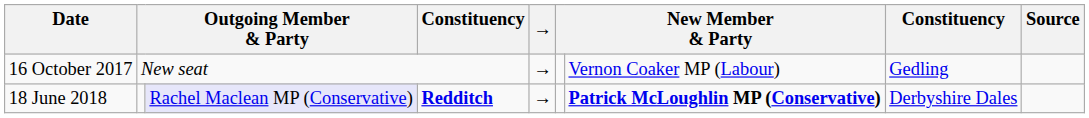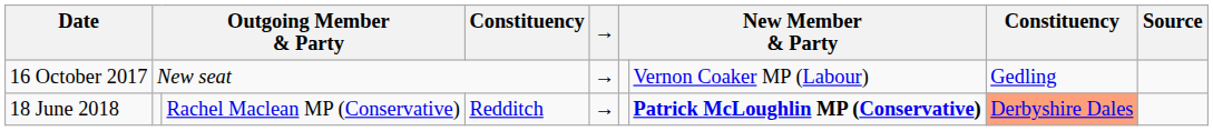 <table class="wikitable">
 <tr>
 <th valign="top">Date</th>
 <th colspan="2" valign="top">Outgoing Member<br>& Party</th>
 <th valign="top">Constituency</th>
 <th>→</th>
 <th colspan="2" valign="top">New Member<br>& Party</th>
 <th valign="top">Constituency</th>
 <th valign="top">Source</th>
 </tr>
 <tr>
 <td>16 October 2017</td>
 <td colspan=3><em>New seat</em></td>
 <td>→</td>
 <td style="color:inherit;background:"></td>
 <td><a href='#'>Vernon Coaker</a> MP (<a href='#'>Labour</a>)</td>
 <td><a href='#'>Gedling</a></td>
 <td></td>
 </tr>
 <tr>
 <td>18 June 2018</td>
 <td style="color:inherit;background:"></td>
-<td style="background: lavender;"><a href='#'>Rachel Maclean</a> MP (<a href='#'>Conservative</a>)</td>
-<td><strong><a href='#'>Redditch</a></strong></td>
+<td><a href='#'>Rachel Maclean</a> MP (<a href='#'>Conservative</a>)</td>
+<td><a href='#'>Redditch</a></td>
 <td>→</td>
 <td style="color:inherit;background:"></td>
 <td><strong><a href='#'>Patrick McLoughlin</a> MP (<a href='#'>Conservative</a>)</strong></td>
-<td><a href='#'>Derbyshire Dales</a></td>
+<td style="background: lightsalmon;"><a href='#'>Derbyshire Dales</a></td>
 <td></td>
 </tr>
 </table>
